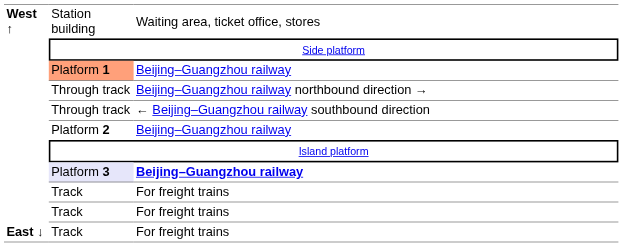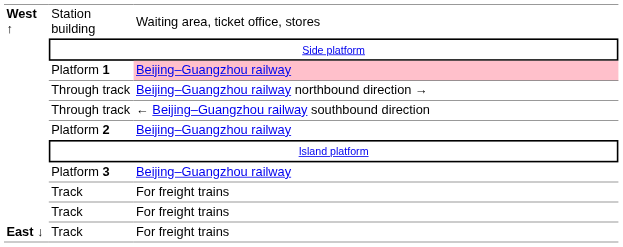 <table table border=0 cellspacing=0 cellpadding=3>
 <tr>
 <td style="border-top:solid 1px gray;" width=50 rowspan=10 valign=top><strong>West ↑</strong></td>
 <td style="border-top:solid 1px gray;" width=100>Station building</td>
 <td style="border-top:solid 1px gray;" width=600>Waiting area, ticket office, stores</td>
 </tr>
 <tr>
 <td style="border-top:solid 2px black;border-right:solid 2px black;border-left:solid 2px black;border-bottom:solid 2px black;text-align:center;" colspan=2><small><a href='#'>Side platform</a></small></td>
 </tr>
 <tr>
-<td style="background: lightsalmon; border-bottom:solid 1px gray;" width=100>Platform <strong>1</strong></td>
-<td style="border-bottom:solid 1px gray;" width=600><a href='#'>Beijing–Guangzhou railway</a></td>
+<td style="border-bottom:solid 1px gray;" width=100>Platform <strong>1</strong></td>
+<td style="background: pink; border-bottom:solid 1px gray;" width=600><a href='#'>Beijing–Guangzhou railway</a></td>
 </tr>
 <tr>
 <td style="border-bottom:solid 1px gray;">Through track</td>
 <td style="border-bottom:solid 1px gray;"> <a href='#'>Beijing–Guangzhou railway</a> northbound direction  →</td>
 </tr>
 <tr>
 <td style="border-bottom:solid 1px gray;">Through track</td>
 <td style="border-bottom:solid 1px gray;">← <a href='#'>Beijing–Guangzhou railway</a> southbound direction</td>
 </tr>
 <tr>
 <td>Platform <strong>2</strong></td>
 <td><a href='#'>Beijing–Guangzhou railway</a></td>
 </tr>
 <tr>
 <td style="border-top:solid 2px black;border-right:solid 2px black;border-left:solid 2px black;border-bottom:solid 2px black;text-align:center;" colspan=2><small><a href='#'>Island platform</a></small></td>
 </tr>
 <tr>
-<td style="background: lavender; border-bottom:solid 1px gray;">Platform <strong>3</strong></td>
-<td style="border-bottom:solid 1px gray;"><strong><a href='#'>Beijing–Guangzhou railway</a></strong></td>
+<td style="border-bottom:solid 1px gray;">Platform <strong>3</strong></td>
+<td style="border-bottom:solid 1px gray;"><a href='#'>Beijing–Guangzhou railway</a></td>
 </tr>
 <tr>
 <td style="border-bottom:solid 1px gray;">Track</td>
 <td style="border-bottom:solid 1px gray;">For freight trains</td>
 </tr>
 <tr>
 <td style="border-bottom:solid 1px gray;">Track</td>
 <td style="border-bottom:solid 1px gray;">For freight trains</td>
 </tr>
 <tr>
 <td style="border-bottom:solid 1px gray;vertical-align:top;"><strong>East ↓</strong></td>
 <td style="border-bottom:solid 1px gray;">Track</td>
 <td style="border-bottom:solid 1px gray;">For freight trains</td>
 </tr>
 </table>
